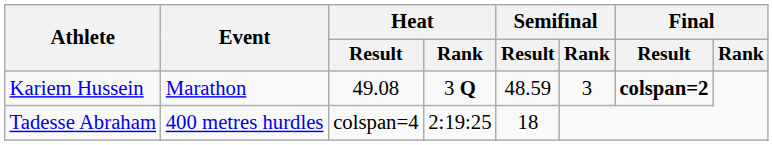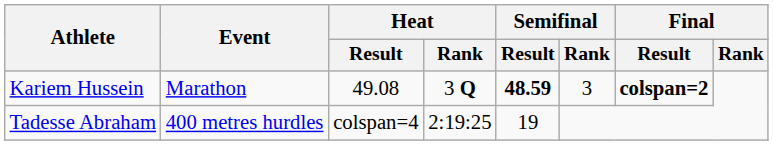 <table class="wikitable" style="font-size:90%">
 <tr>
 <th rowspan="2">Athlete</th>
 <th rowspan="2">Event</th>
 <th colspan="2">Heat</th>
 <th colspan="2">Semifinal</th>
 <th colspan="2">Final</th>
 </tr>
 <tr style="font-size:95%">
 <th>Result</th>
 <th>Rank</th>
 <th>Result</th>
 <th>Rank</th>
 <th>Result</th>
 <th>Rank</th>
 </tr>
 <tr style=text-align:center>
 <td style=text-align:left><a href='#'>Kariem Hussein</a></td>
 <td style=text-align:left><a href='#'>Marathon</a></td>
 <td>49.08</td>
 <td>3 <strong>Q</strong></td>
-<td>48.59</td>
+<td><strong>48.59</strong></td>
 <td>3</td>
 <td><strong>colspan=2 </strong></td>
 </tr>
 <tr style=text-align:center>
 <td style=text-align:left><a href='#'>Tadesse Abraham</a></td>
 <td style=text-align:left><a href='#'>400 metres hurdles</a></td>
 <td>colspan=4 </td>
 <td>2:19:25</td>
-<td>18</td>
+<td>19</td>
 </tr>
 </table>
